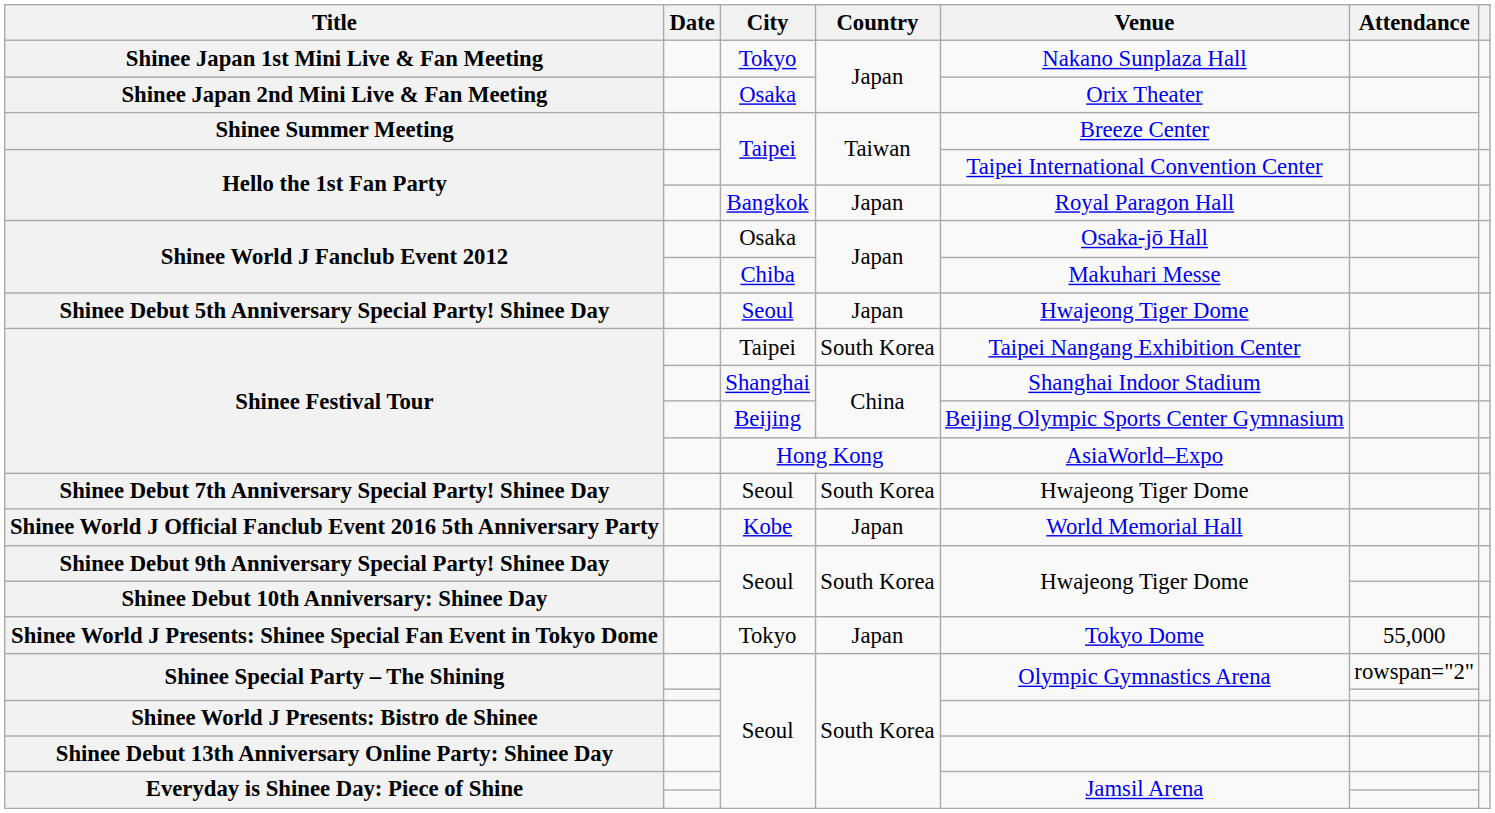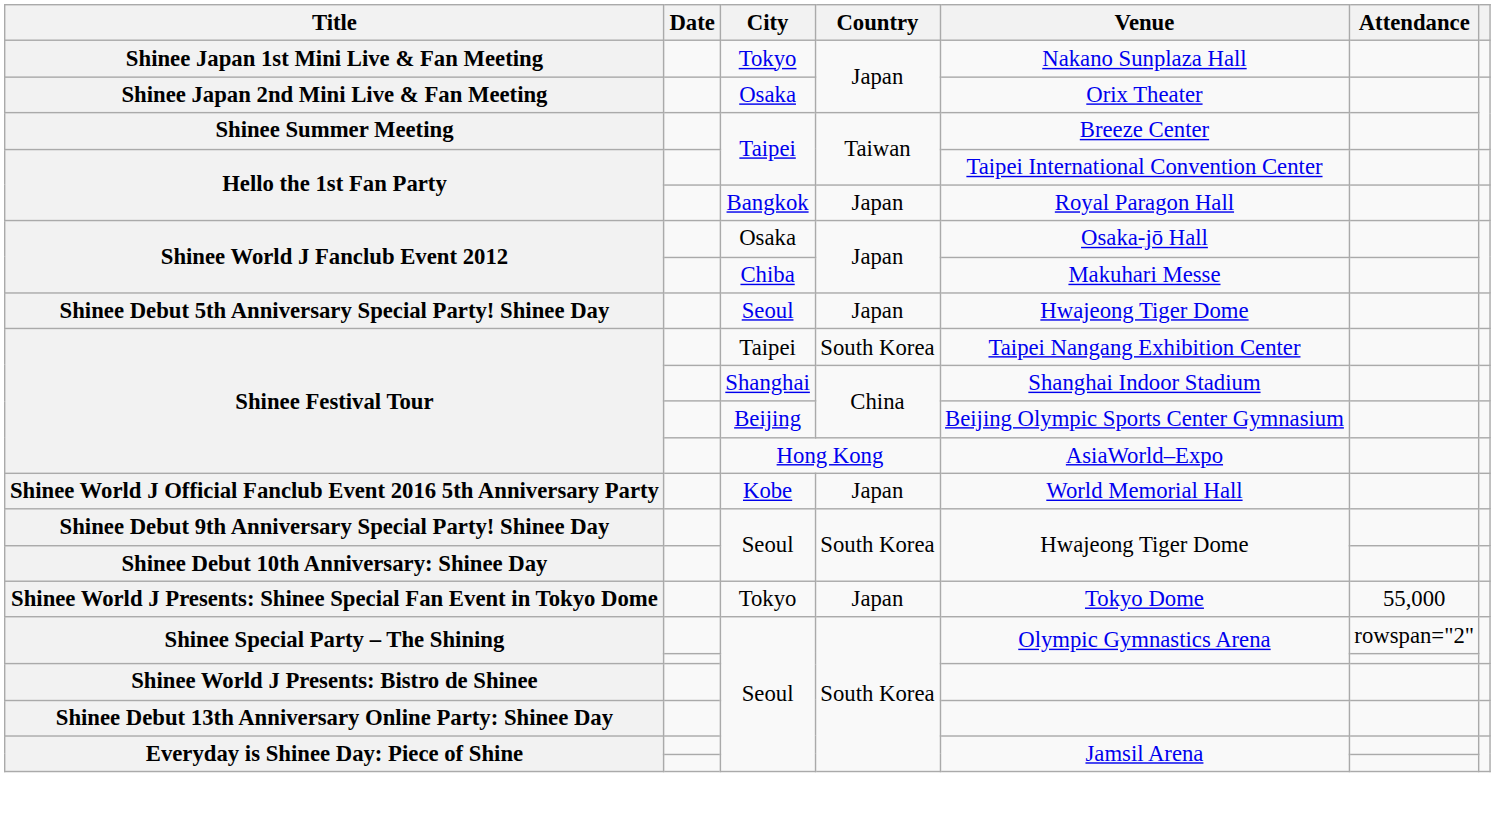 <table class="wikitable sortable plainrowheaders" style="text-align:center;">
 <tr>
 <th scope="col">Title</th>
 <th scope="col">Date</th>
 <th scope="col">City</th>
 <th scope="col">Country</th>
 <th scope="col">Venue</th>
 <th scope="col">Attendance</th>
 <th scope="col" class="unsortable"></th>
 </tr>
 <tr>
 <th scope="row">Shinee Japan 1st Mini Live & Fan Meeting</th>
 <td></td>
 <td><a href='#'>Tokyo</a></td>
 <td rowspan="2">Japan</td>
 <td><a href='#'>Nakano Sunplaza Hall</a></td>
 <td></td>
 <td></td>
 </tr>
 <tr>
 <th scope="row">Shinee Japan 2nd Mini Live & Fan Meeting</th>
 <td></td>
 <td><a href='#'>Osaka</a></td>
 <td><a href='#'>Orix Theater</a></td>
 <td></td>
 <td rowspan="2"></td>
 </tr>
 <tr>
 <th scope="row">Shinee Summer Meeting</th>
 <td></td>
 <td rowspan="2"><a href='#'>Taipei</a></td>
 <td rowspan="2">Taiwan</td>
 <td><a href='#'>Breeze Center</a></td>
 <td></td>
 </tr>
 <tr>
 <th scope="row" rowspan="2">Hello the 1st Fan Party</th>
 <td></td>
 <td><a href='#'>Taipei International Convention Center</a></td>
 <td></td>
 <td></td>
 </tr>
 <tr>
 <td></td>
 <td><a href='#'>Bangkok</a></td>
 <td>Japan</td>
 <td><a href='#'>Royal Paragon Hall</a></td>
 <td></td>
 <td></td>
 </tr>
 <tr>
 <th scope="row" rowspan="2">Shinee World J Fanclub Event 2012</th>
 <td></td>
 <td>Osaka</td>
 <td rowspan="2">Japan</td>
 <td><a href='#'>Osaka-jō Hall</a></td>
 <td></td>
 <td rowspan="2"></td>
 </tr>
 <tr>
 <td></td>
 <td><a href='#'>Chiba</a></td>
 <td><a href='#'>Makuhari Messe</a></td>
 <td></td>
 </tr>
 <tr>
 <th scope="row">Shinee Debut 5th Anniversary Special Party! Shinee Day</th>
 <td></td>
 <td><a href='#'>Seoul</a></td>
 <td>Japan</td>
 <td><a href='#'>Hwajeong Tiger Dome</a></td>
 <td></td>
 <td></td>
 </tr>
 <tr>
 <th scope="row" rowspan="4">Shinee Festival Tour</th>
 <td></td>
 <td>Taipei</td>
 <td>South Korea</td>
 <td><a href='#'>Taipei Nangang Exhibition Center</a></td>
 <td></td>
 <td></td>
 </tr>
 <tr>
 <td></td>
 <td><a href='#'>Shanghai</a></td>
 <td rowspan="2">China</td>
 <td><a href='#'>Shanghai Indoor Stadium</a></td>
 <td></td>
 <td></td>
 </tr>
 <tr>
 <td></td>
 <td><a href='#'>Beijing</a></td>
 <td><a href='#'>Beijing Olympic Sports Center Gymnasium</a></td>
 <td></td>
 <td></td>
 </tr>
 <tr>
 <td></td>
 <td colspan="2"><a href='#'>Hong Kong</a></td>
 <td><a href='#'>AsiaWorld–Expo</a></td>
 <td></td>
 <td></td>
 </tr>
 <tr>
-<th scope="row">Shinee Debut 7th Anniversary Special Party! Shinee Day</th>
-<td></td>
-<td>Seoul</td>
-<td>South Korea</td>
-<td>Hwajeong Tiger Dome</td>
-<td></td>
-<td></td>
-</tr>
-<tr>
 <th scope="row">Shinee World J Official Fanclub Event 2016 5th Anniversary Party</th>
 <td></td>
 <td><a href='#'>Kobe</a></td>
 <td>Japan</td>
 <td><a href='#'>World Memorial Hall</a></td>
 <td></td>
 <td></td>
 </tr>
 <tr>
 <th scope="row">Shinee Debut 9th Anniversary Special Party! Shinee Day</th>
 <td></td>
 <td rowspan="2">Seoul</td>
 <td rowspan="2">South Korea</td>
 <td rowspan="2">Hwajeong Tiger Dome</td>
 <td></td>
 <td></td>
 </tr>
 <tr>
 <th scope="row">Shinee Debut 10th Anniversary: Shinee Day</th>
 <td></td>
 <td></td>
 <td></td>
 </tr>
 <tr>
 <th scope="row">Shinee World J Presents: Shinee Special Fan Event in Tokyo Dome</th>
 <td></td>
 <td>Tokyo</td>
 <td>Japan</td>
 <td><a href='#'>Tokyo Dome</a></td>
 <td>55,000</td>
 <td></td>
 </tr>
 <tr>
 <th scope="row" rowspan="2">Shinee Special Party – The Shining</th>
 <td></td>
 <td rowspan="6">Seoul</td>
 <td rowspan="6">South Korea</td>
 <td rowspan="2"><a href='#'>Olympic Gymnastics Arena</a></td>
 <td>rowspan="2" </td>
 <td rowspan="2"></td>
 </tr>
 <tr>
 <td></td>
 </tr>
 <tr>
 <th scope="row">Shinee World J Presents: Bistro de Shinee</th>
 <td></td>
 <td></td>
 <td></td>
 <td></td>
 </tr>
 <tr>
 <th scope="row">Shinee Debut 13th Anniversary Online Party: Shinee Day</th>
 <td></td>
 <td></td>
 <td></td>
 <td></td>
 </tr>
 <tr>
 <th scope="row" rowspan="2">Everyday is Shinee Day: Piece of Shine</th>
 <td></td>
 <td rowspan="2"><a href='#'>Jamsil Arena</a></td>
 <td></td>
 <td rowspan="2"></td>
 </tr>
 <tr>
 <td></td>
 <td></td>
 </tr>
 </table>
